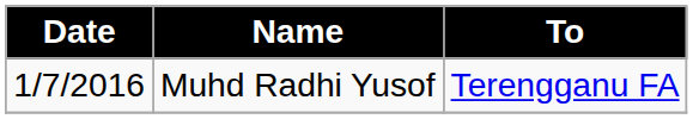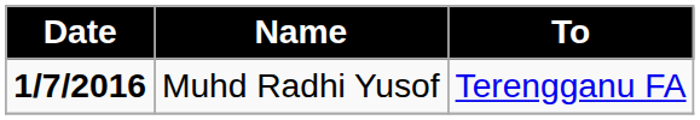 <table class="wikitable sortable">
 <tr>
 <th style="background:Black; color:White;">Date</th>
 <th style="background:Black; color:White;">Name</th>
 <th style="background:Black; color:White;">To</th>
 </tr>
 <tr>
-<td>1/7/2016</td>
+<td><strong>1/7/2016</strong></td>
 <td> Muhd Radhi Yusof</td>
 <td> <a href='#'>Terengganu FA</a></td>
 </tr>
 <tr>
 </tr>
 </table>
